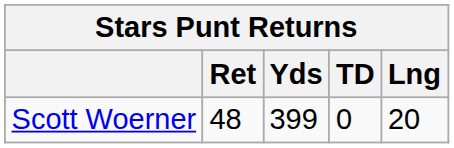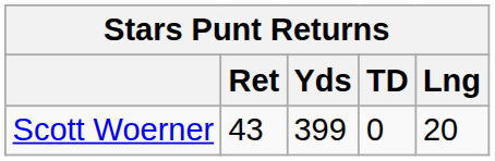 <table class="wikitable">
 <tr>
 <th colspan="5">Stars Punt Returns</th>
 </tr>
 <tr>
 <th></th>
 <th>Ret</th>
 <th>Yds</th>
 <th>TD</th>
 <th>Lng</th>
 </tr>
 <tr>
 <td><a href='#'>Scott Woerner</a></td>
-<td>48</td>
+<td>43</td>
 <td>399</td>
 <td>0</td>
 <td>20</td>
 </tr>
 </table>
